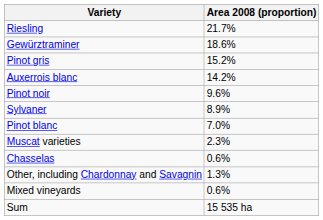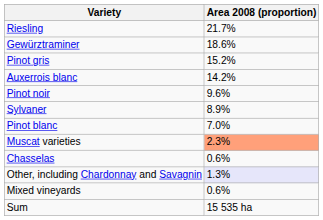 <table class="wikitable">
 <tr style="background:lightgrey;">
 <th>Variety</th>
 <th>Area 2008 (proportion)</th>
 </tr>
 <tr>
 <td><a href='#'>Riesling</a></td>
 <td>21.7%</td>
 </tr>
 <tr>
 <td><a href='#'>Gewürztraminer</a></td>
 <td>18.6%</td>
 </tr>
 <tr>
 <td><a href='#'>Pinot gris</a></td>
 <td>15.2%</td>
 </tr>
 <tr>
 <td><a href='#'>Auxerrois blanc</a></td>
 <td>14.2%</td>
 </tr>
 <tr>
 <td><a href='#'>Pinot noir</a></td>
 <td>9.6%</td>
 </tr>
 <tr>
 <td><a href='#'>Sylvaner</a></td>
 <td>8.9%</td>
 </tr>
 <tr>
 <td><a href='#'>Pinot blanc</a></td>
 <td>7.0%</td>
 </tr>
 <tr>
 <td><a href='#'>Muscat</a> varieties</td>
-<td>2.3%</td>
+<td style="background: lightsalmon;">2.3%</td>
 </tr>
 <tr>
 <td><a href='#'>Chasselas</a></td>
 <td>0.6%</td>
 </tr>
 <tr>
 <td>Other, including <a href='#'>Chardonnay</a> and <a href='#'>Savagnin</a></td>
-<td>1.3%</td>
+<td style="background: lavender;">1.3%</td>
 </tr>
 <tr>
 <td>Mixed vineyards</td>
 <td>0.6%</td>
 </tr>
 <tr>
 <td>Sum</td>
 <td>15 535 ha</td>
 </tr>
 </table>
